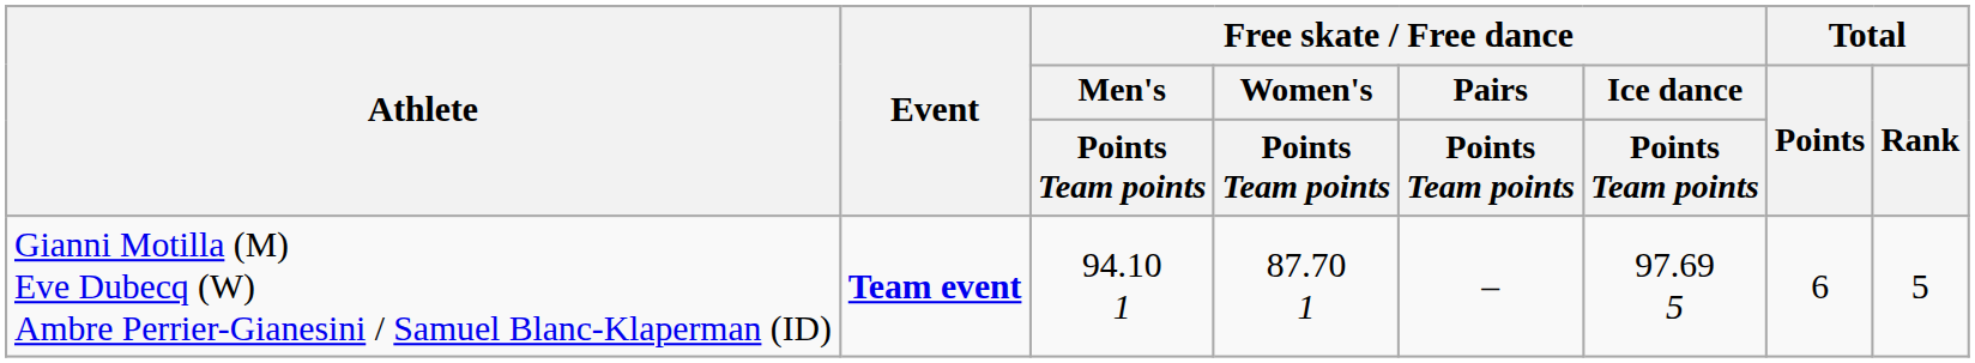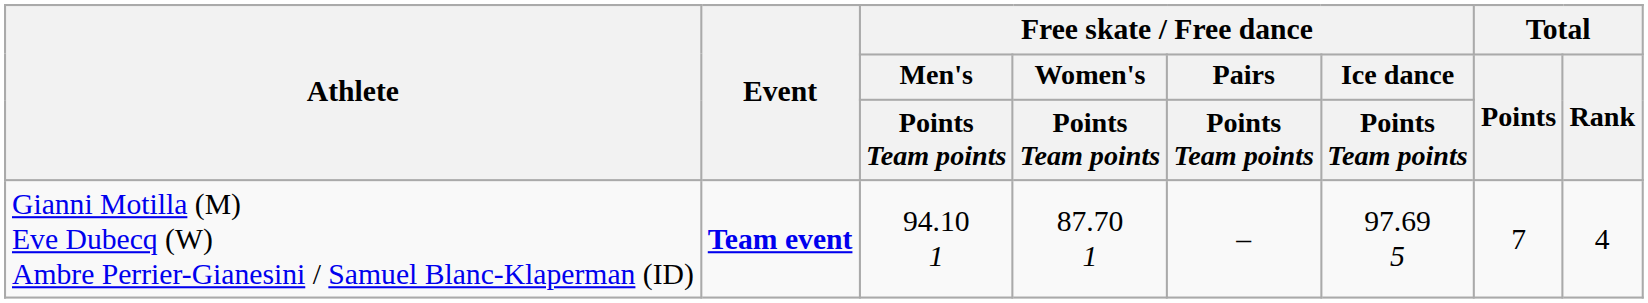 <table class=wikitable style=font-size:90%>
 <tr>
 <th rowspan=3>Athlete</th>
 <th rowspan=3>Event</th>
 <th colspan=4>Free skate / Free dance</th>
 <th colspan=2>Total</th>
 </tr>
 <tr style=font-size:95%>
 <th>Men's</th>
 <th>Women's</th>
 <th>Pairs</th>
 <th>Ice dance</th>
 <th rowspan=2>Points</th>
 <th rowspan=2>Rank</th>
 </tr>
 <tr style=font-size:95%>
 <th>Points<br><em>Team points</em></th>
 <th>Points<br><em>Team points</em></th>
 <th>Points<br><em>Team points</em></th>
 <th>Points<br><em>Team points</em></th>
 </tr>
 <tr align=center>
 <td align=left><a href='#'>Gianni Motilla</a> (M)<br><a href='#'>Eve Dubecq</a> (W)<br><a href='#'>Ambre Perrier-Gianesini</a> / <a href='#'>Samuel Blanc-Klaperman</a> (ID)</td>
 <td align=left><strong><a href='#'>Team event</a></strong></td>
 <td>94.10 <br><em>1</em></td>
 <td>87.70 <br><em>1</em></td>
 <td>–</td>
 <td>97.69 <br><em>5</em></td>
-<td>6</td>
-<td>5</td>
+<td>7</td>
+<td>4</td>
 </tr>
 </table>
